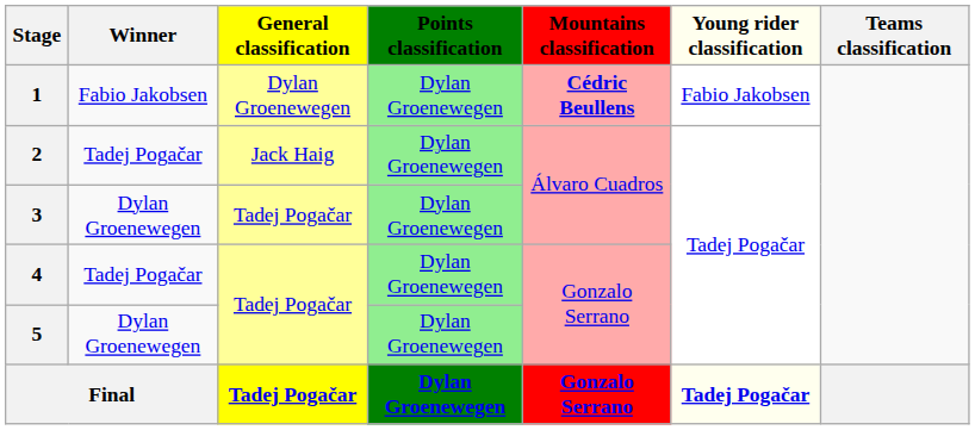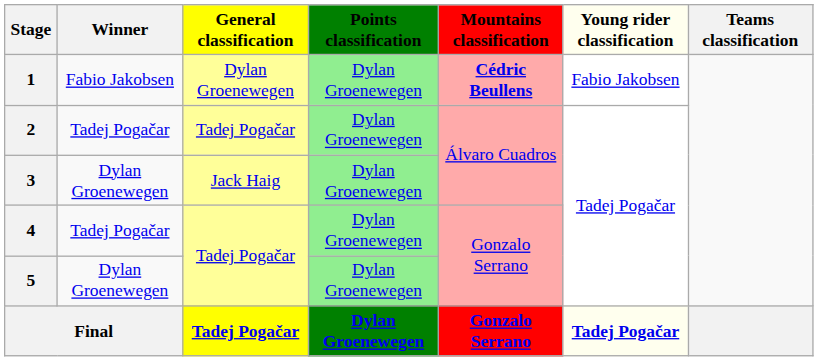 <table class="wikitable" width="99%" style="text-align: center; font-size:smaller;">
 <tr>
 <th width="2%">Stage</th>
 <th width="12%">Winner</th>
 <th style="background:yellow;" width="12%">General classification<br></th>
 <th style="background:green;" width="12%">Points classification<br></th>
 <th style="background:red;" width="12%">Mountains classification<br></th>
 <th style="background:#FFFFEE;" width="12%">Young rider classification<br></th>
 <th width="12%">Teams classification</th>
 </tr>
 <tr>
 <th>1</th>
 <td><a href='#'>Fabio Jakobsen</a></td>
 <td style="background:#FFFF99;" rowspan="1"><a href='#'>Dylan Groenewegen</a></td>
 <td style="background:lightgreen;"><a href='#'>Dylan Groenewegen</a></td>
 <td style="background:#FFAAAA;" rowspan="1"><strong><a href='#'>Cédric Beullens</a></strong></td>
 <td style="background:white" rowspan="1"><a href='#'>Fabio Jakobsen</a></td>
 <td rowspan="5"></td>
 </tr>
 <tr>
 <th>2</th>
 <td><a href='#'>Tadej Pogačar</a></td>
-<td style="background:#FFFF99;" rowspan="1"><a href='#'>Jack Haig</a></td>
+<td style="background:#FFFF99;" rowspan="1"><a href='#'>Tadej Pogačar</a></td>
 <td rowspan="1" style="background:lightgreen;"><a href='#'>Dylan Groenewegen</a></td>
 <td style="background:#FFAAAA;" rowspan="2"><a href='#'>Álvaro Cuadros</a></td>
 <td rowspan="4" style="background:white"><a href='#'>Tadej Pogačar</a></td>
 </tr>
 <tr>
 <th>3</th>
 <td><a href='#'>Dylan Groenewegen</a></td>
-<td style="background:#FFFF99;" rowspan="1"><a href='#'>Tadej Pogačar</a></td>
+<td style="background:#FFFF99;" rowspan="1"><a href='#'>Jack Haig</a></td>
 <td style="background:lightgreen;" rowspan="1"><a href='#'>Dylan Groenewegen</a></td>
 </tr>
 <tr>
 <th>4</th>
 <td><a href='#'>Tadej Pogačar</a></td>
 <td rowspan="2" style="background:#FFFF99;"><a href='#'>Tadej Pogačar</a></td>
 <td style="background:lightgreen;"><a href='#'>Dylan Groenewegen</a></td>
 <td rowspan="2" style="background:#FFAAAA;"><a href='#'>Gonzalo Serrano</a></td>
 </tr>
 <tr>
 <th>5</th>
 <td><a href='#'>Dylan Groenewegen</a></td>
 <td rowspan="1" style="background:lightgreen;"><a href='#'>Dylan Groenewegen</a></td>
 </tr>
 <tr>
 <th colspan="2">Final</th>
 <th style="background:yellow;"><a href='#'>Tadej Pogačar</a></th>
 <th style="background:green;"><a href='#'>Dylan Groenewegen</a></th>
 <th style="background:red;"><a href='#'>Gonzalo Serrano</a></th>
 <th style="background:#FFFFEE;"><a href='#'>Tadej Pogačar</a></th>
 <th width="12%"></th>
 </tr>
 </table>
